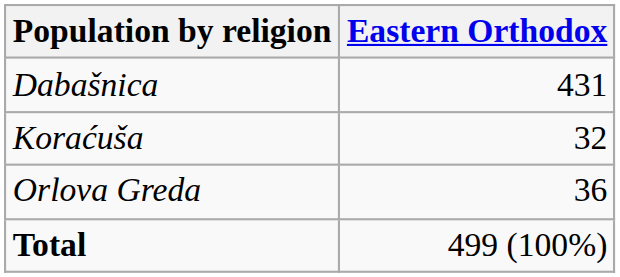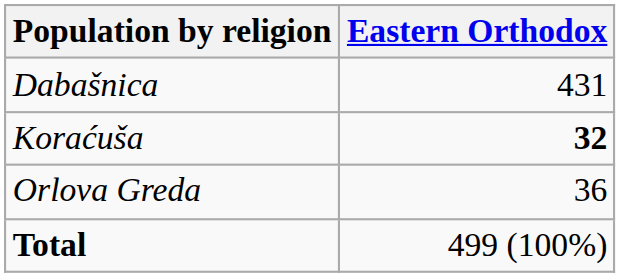 <table class="wikitable sortable">
 <tr>
 <th>Population by religion</th>
 <th><a href='#'>Eastern Orthodox</a></th>
 </tr>
 <tr>
 <td><em>Dabašnica</em></td>
 <td align="right">431</td>
 </tr>
 <tr>
 <td><em>Koraćuša</em></td>
-<td align="right">32</td>
+<td align="right"><strong>32</strong></td>
 </tr>
 <tr>
 <td><em>Orlova Greda</em></td>
 <td align="right">36</td>
 </tr>
 <tr>
 <td><strong>Total</strong></td>
 <td align="right">499 (100%)</td>
 </tr>
 </table>
